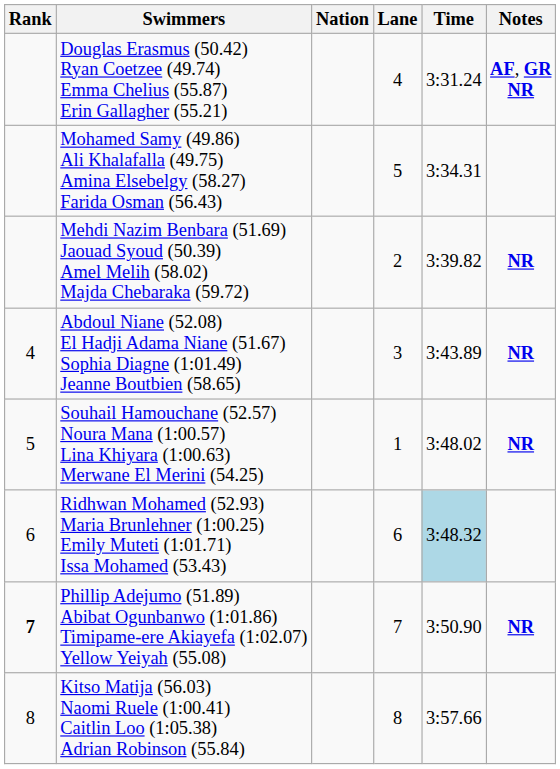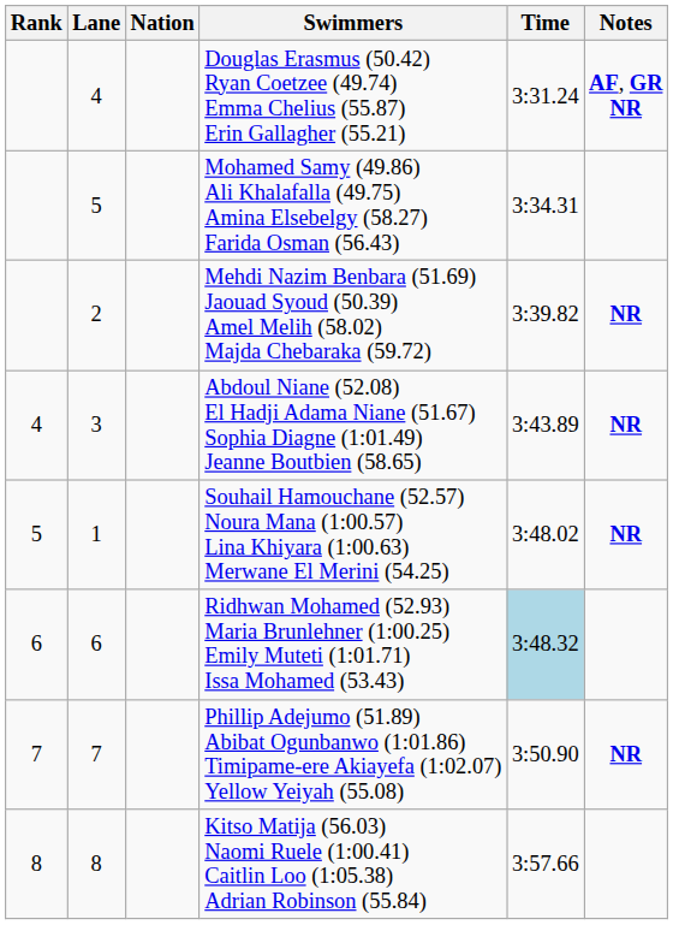 <table class="wikitable sortable" style="text-align:center">
 <tr>
 <th>Rank</th>
+<th>Lane</th>
+<th>Nation</th>
 <th>Swimmers</th>
-<th>Nation</th>
-<th>Lane</th>
 <th>Time</th>
 <th>Notes</th>
 </tr>
 <tr>
 <td></td>
+<td>4</td>
+<td align=left></td>
 <td align=left><a href='#'>Douglas Erasmus</a> (50.42)<br><a href='#'>Ryan Coetzee</a> (49.74)<br><a href='#'>Emma Chelius</a> (55.87)<br><a href='#'>Erin Gallagher</a> (55.21)</td>
-<td align=left></td>
-<td>4</td>
 <td>3:31.24</td>
 <td><strong><a href='#'>AF</a></strong>, <strong><a href='#'>GR</a></strong><br><strong><a href='#'>NR</a></strong></td>
 </tr>
 <tr>
 <td></td>
+<td>5</td>
+<td align=left></td>
 <td align=left><a href='#'>Mohamed Samy</a> (49.86)<br><a href='#'>Ali Khalafalla</a> (49.75)<br><a href='#'>Amina Elsebelgy</a> (58.27)<br><a href='#'>Farida Osman</a> (56.43)</td>
-<td align=left></td>
-<td>5</td>
 <td>3:34.31</td>
 <td></td>
 </tr>
 <tr>
 <td></td>
+<td>2</td>
+<td align="left"></td>
 <td align=left><a href='#'>Mehdi Nazim Benbara</a> (51.69)<br><a href='#'>Jaouad Syoud</a> (50.39)<br><a href='#'>Amel Melih</a> (58.02)<br><a href='#'>Majda Chebaraka</a> (59.72)</td>
-<td align="left"></td>
-<td>2</td>
 <td>3:39.82</td>
 <td><strong><a href='#'>NR</a></strong></td>
 </tr>
 <tr>
 <td>4</td>
+<td>3</td>
+<td align="left"></td>
 <td align=left><a href='#'>Abdoul Niane</a> (52.08)<br><a href='#'>El Hadji Adama Niane</a> (51.67)<br><a href='#'>Sophia Diagne</a> (1:01.49)<br><a href='#'>Jeanne Boutbien</a> (58.65)</td>
-<td align="left"></td>
-<td>3</td>
 <td>3:43.89</td>
 <td><strong><a href='#'>NR</a></strong></td>
 </tr>
 <tr>
 <td>5</td>
+<td>1</td>
+<td align=left></td>
 <td align=left><a href='#'>Souhail Hamouchane</a> (52.57)<br><a href='#'>Noura Mana</a> (1:00.57)<br><a href='#'>Lina Khiyara</a> (1:00.63)<br><a href='#'>Merwane El Merini</a> (54.25)</td>
-<td align=left></td>
-<td>1</td>
 <td>3:48.02</td>
 <td><strong><a href='#'>NR</a></strong></td>
 </tr>
 <tr>
 <td>6</td>
+<td>6</td>
+<td align=left></td>
 <td align=left><a href='#'>Ridhwan Mohamed</a> (52.93)<br><a href='#'>Maria Brunlehner</a> (1:00.25)<br><a href='#'>Emily Muteti</a> (1:01.71)<br><a href='#'>Issa Mohamed</a> (53.43)</td>
-<td align=left></td>
-<td>6</td>
 <td style="background: lightblue;">3:48.32</td>
 <td></td>
 </tr>
 <tr>
-<td><strong>7</strong></td>
+<td>7</td>
+<td>7</td>
+<td align=left></td>
 <td align=left><a href='#'>Phillip Adejumo</a> (51.89)<br><a href='#'>Abibat Ogunbanwo</a> (1:01.86)<br><a href='#'>Timipame-ere Akiayefa</a> (1:02.07)<br><a href='#'>Yellow Yeiyah</a> (55.08)</td>
-<td align=left></td>
-<td>7</td>
 <td>3:50.90</td>
 <td><strong><a href='#'>NR</a></strong></td>
 </tr>
 <tr>
 <td>8</td>
+<td>8</td>
+<td align=left></td>
 <td align=left><a href='#'>Kitso Matija</a> (56.03)<br><a href='#'>Naomi Ruele</a> (1:00.41)<br><a href='#'>Caitlin Loo</a> (1:05.38)<br><a href='#'>Adrian Robinson</a> (55.84)</td>
-<td align=left></td>
-<td>8</td>
 <td>3:57.66</td>
 <td></td>
 </tr>
 </table>
